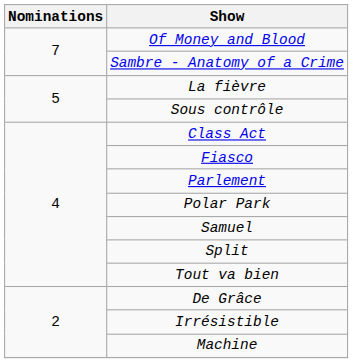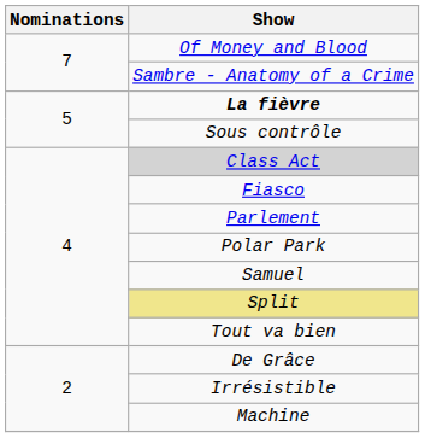 <table class="wikitable sortable" style="text-align: center; max-width:29em">
 <tr>
 <th scope="col">Nominations</th>
 <th scope="col">Show</th>
 </tr>
 <tr>
 <td scope="row" rowspan="2">7</td>
 <td><em><a href='#'>Of Money and Blood</a></em></td>
 </tr>
 <tr>
 <td><em><a href='#'>Sambre - Anatomy of a Crime</a></em></td>
 </tr>
 <tr>
 <td scope="row" rowspan="2">5</td>
-<td><em>La fièvre</em></td>
+<td><strong><em>La fièvre</em></strong></td>
 </tr>
 <tr>
 <td><em>Sous contrôle</em></td>
 </tr>
 <tr>
 <td scope="row" rowspan="7">4</td>
-<td><em><a href='#'>Class Act</a></em></td>
+<td style="background: lightgrey;"><em><a href='#'>Class Act</a></em></td>
 </tr>
 <tr>
 <td><em><a href='#'>Fiasco</a></em></td>
 </tr>
 <tr>
 <td><em><a href='#'>Parlement</a></em></td>
 </tr>
 <tr>
 <td><em>Polar Park</em></td>
 </tr>
 <tr>
 <td><em>Samuel</em></td>
 </tr>
 <tr>
-<td><em>Split</em></td>
+<td style="background: khaki;"><em>Split</em></td>
 </tr>
 <tr>
 <td><em>Tout va bien</em></td>
 </tr>
 <tr>
 <td scope="row" rowspan="3">2</td>
 <td><em>De Grâce</em></td>
 </tr>
 <tr>
 <td><em>Irrésistible </em></td>
 </tr>
 <tr>
 <td><em>Machine</em></td>
 </tr>
 <tr>
 </tr>
 </table>
